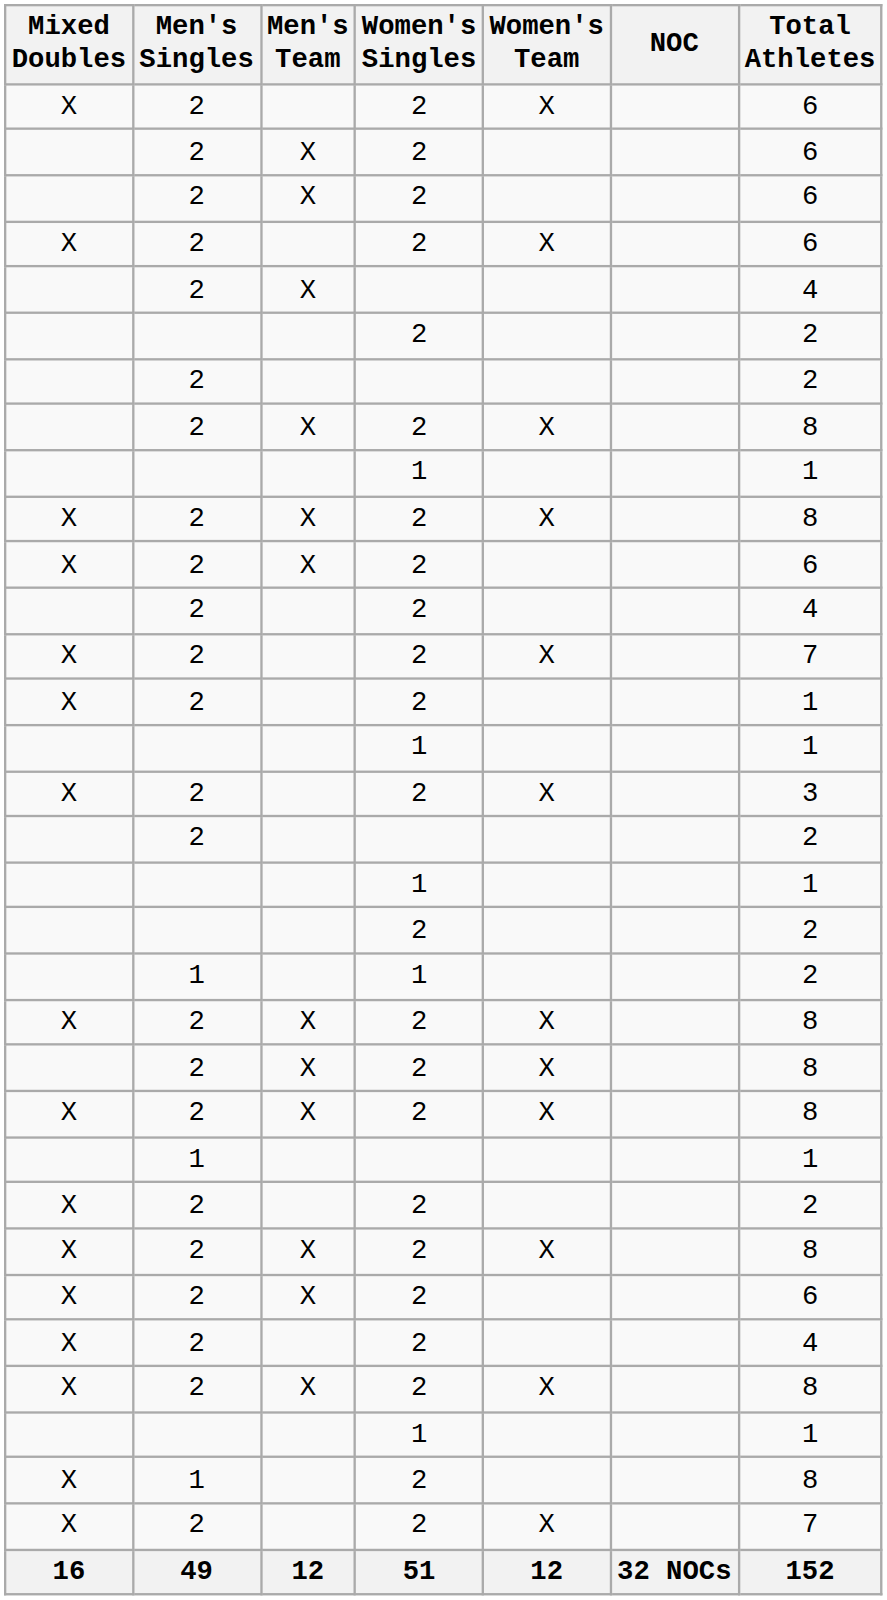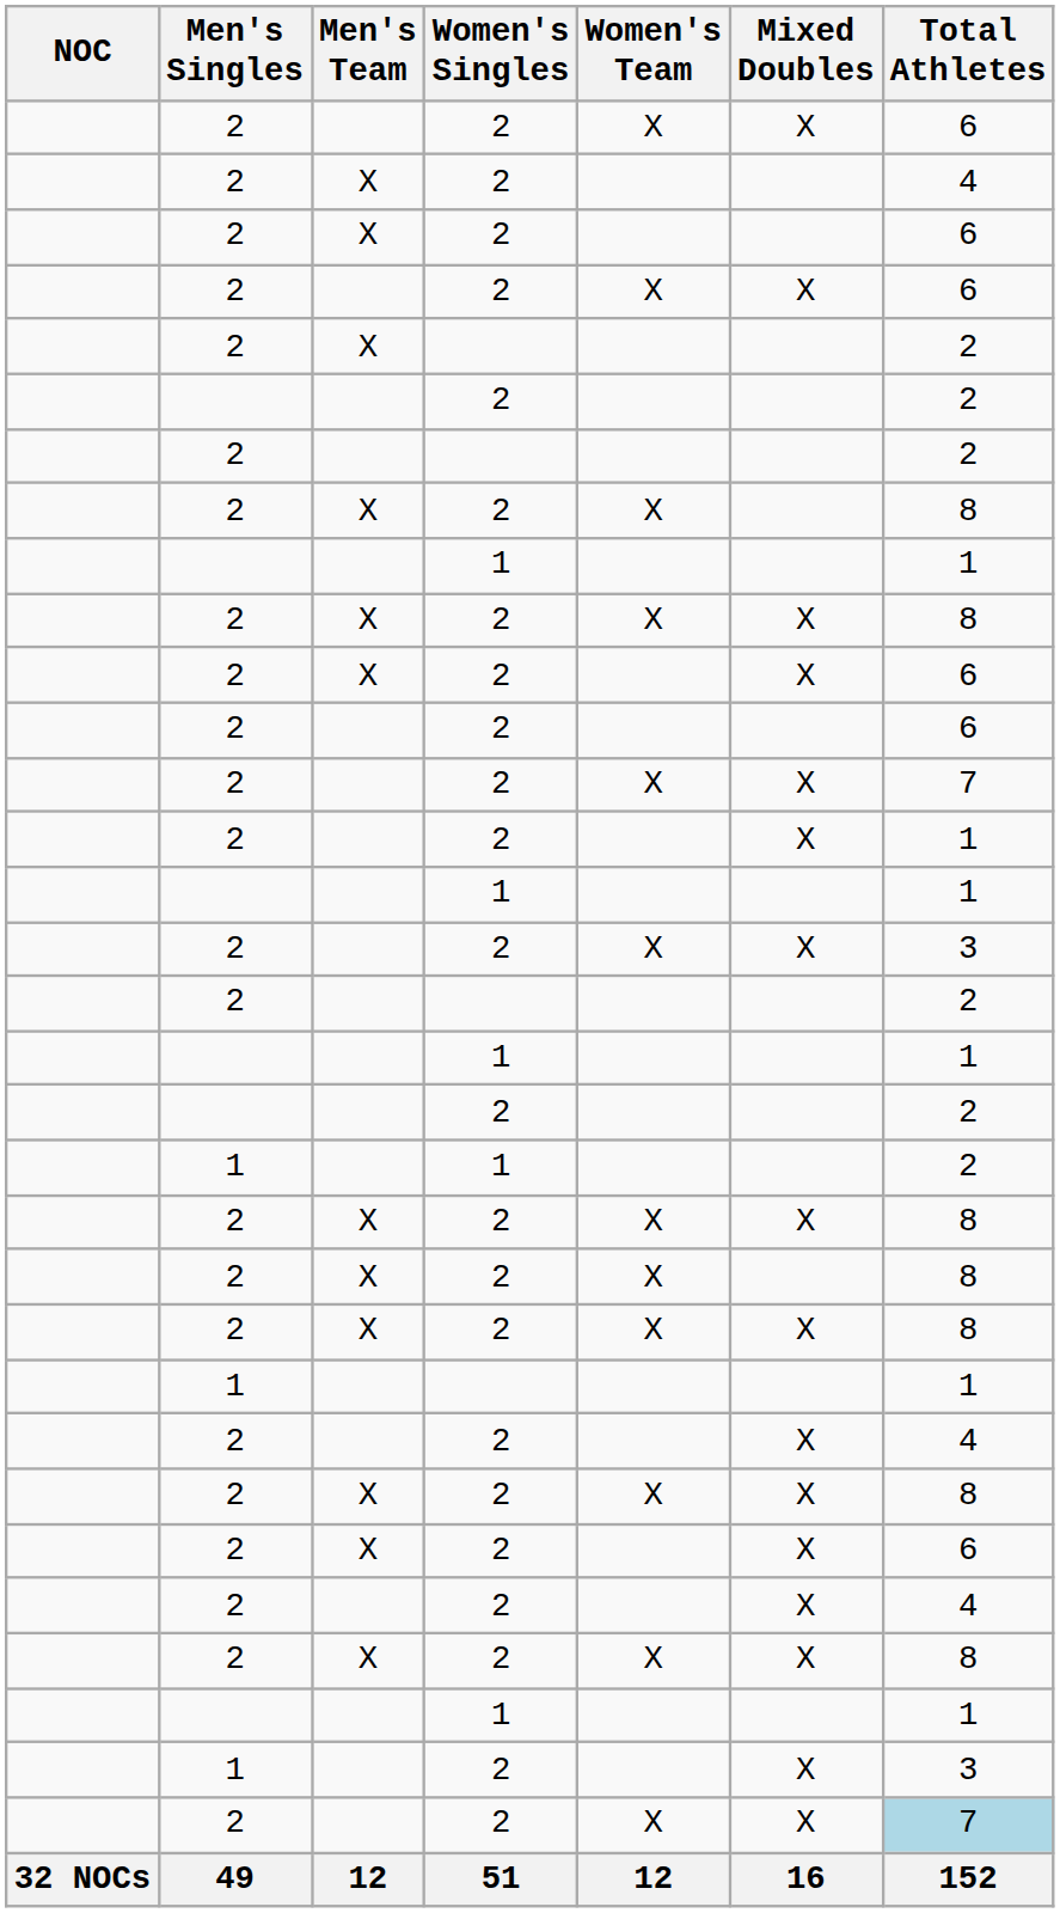 <table class="wikitable sortable" style="text-align:center; font-size:90%">
 <tr>
-<th>Mixed<br>Doubles</th>
+<th>NOC</th>
 <th>Men's<br>Singles</th>
 <th>Men's<br>Team</th>
 <th>Women's<br>Singles</th>
 <th>Women's<br>Team</th>
-<th>NOC</th>
+<th>Mixed<br>Doubles</th>
 <th>Total<br>Athletes</th>
 </tr>
 <tr>
-<td>X</td>
+<td align="left"></td>
 <td>2</td>
 <td></td>
 <td>2</td>
 <td>X</td>
-<td align="left"></td>
+<td>X</td>
 <td>6</td>
 </tr>
 <tr>
-<td></td>
+<td align="left"></td>
 <td>2</td>
 <td>X</td>
 <td>2</td>
 <td></td>
-<td align="left"></td>
-<td>6</td>
+<td></td>
+<td>4</td>
 </tr>
 <tr>
-<td></td>
+<td align="left"></td>
 <td>2</td>
 <td>X</td>
 <td>2</td>
 <td></td>
-<td align="left"></td>
+<td></td>
 <td>6</td>
 </tr>
 <tr>
-<td>X</td>
+<td align="left"></td>
 <td>2</td>
 <td></td>
 <td>2</td>
 <td>X</td>
-<td align="left"></td>
+<td>X</td>
 <td>6</td>
 </tr>
 <tr>
-<td></td>
+<td align="left"></td>
 <td>2</td>
 <td>X</td>
 <td></td>
 <td></td>
-<td align="left"></td>
-<td>4</td>
+<td></td>
+<td>2</td>
 </tr>
 <tr>
+<td align="left"></td>
+<td></td>
+<td></td>
+<td>2</td>
+<td></td>
+<td></td>
+<td>2</td>
+</tr>
+<tr>
+<td align="left"></td>
+<td>2</td>
+<td></td>
 <td></td>
 <td></td>
 <td></td>
 <td>2</td>
-<td></td>
+</tr>
+<tr>
 <td align="left"></td>
 <td>2</td>
+<td>X</td>
+<td>2</td>
+<td>X</td>
+<td></td>
+<td>8</td>
 </tr>
 <tr>
+<td align="left"></td>
+<td></td>
+<td></td>
+<td>1</td>
+<td></td>
+<td></td>
+<td>1</td>
+</tr>
+<tr>
+<td align="left"></td>
+<td>2</td>
+<td>X</td>
+<td>2</td>
+<td>X</td>
+<td>X</td>
+<td>8</td>
+</tr>
+<tr>
+<td align="left"></td>
+<td>2</td>
+<td>X</td>
+<td>2</td>
+<td></td>
+<td>X</td>
+<td>6</td>
+</tr>
+<tr>
+<td align="left"></td>
+<td>2</td>
 <td></td>
 <td>2</td>
 <td></td>
 <td></td>
+<td>6</td>
+</tr>
+<tr>
+<td align="left"></td>
+<td>2</td>
 <td></td>
+<td>2</td>
+<td>X</td>
+<td>X</td>
+<td>7</td>
+</tr>
+<tr>
 <td align="left"></td>
+<td>2</td>
+<td></td>
+<td>2</td>
+<td></td>
+<td>X</td>
+<td>1</td>
+</tr>
+<tr>
+<td align="left"></td>
+<td></td>
+<td></td>
+<td>1</td>
+<td></td>
+<td></td>
+<td>1</td>
+</tr>
+<tr>
+<td align="left"></td>
+<td>2</td>
+<td></td>
+<td>2</td>
+<td>X</td>
+<td>X</td>
+<td>3</td>
+</tr>
+<tr>
+<td align="left"></td>
+<td>2</td>
+<td></td>
+<td></td>
+<td></td>
+<td></td>
 <td>2</td>
 </tr>
 <tr>
+<td align="left"></td>
 <td></td>
+<td></td>
+<td>1</td>
+<td></td>
+<td></td>
+<td>1</td>
+</tr>
+<tr>
+<td align="left"></td>
+<td></td>
+<td></td>
+<td>2</td>
+<td></td>
+<td></td>
+<td>2</td>
+</tr>
+<tr>
+<td align="left"></td>
+<td>1</td>
+<td></td>
+<td>1</td>
+<td></td>
+<td></td>
+<td>2</td>
+</tr>
+<tr>
+<td align="left"></td>
 <td>2</td>
 <td>X</td>
 <td>2</td>
 <td>X</td>
-<td align="left"></td>
+<td>X</td>
 <td>8</td>
 </tr>
 <tr>
+<td align="left"></td>
+<td>2</td>
+<td>X</td>
+<td>2</td>
+<td>X</td>
+<td></td>
+<td>8</td>
+</tr>
+<tr>
+<td align="left"></td>
+<td>2</td>
+<td>X</td>
+<td>2</td>
+<td>X</td>
+<td>X</td>
+<td>8</td>
+</tr>
+<tr>
+<td align="left"></td>
+<td>1</td>
+<td></td>
 <td></td>
 <td></td>
 <td></td>
 <td>1</td>
-<td></td>
-<td align="left"></td>
-<td>1</td>
 </tr>
 <tr>
+<td align="left"></td>
+<td>2</td>
+<td></td>
+<td>2</td>
+<td></td>
 <td>X</td>
+<td>4</td>
+</tr>
+<tr>
+<td align="left"></td>
 <td>2</td>
 <td>X</td>
 <td>2</td>
 <td>X</td>
-<td align="left"></td>
+<td>X</td>
 <td>8</td>
 </tr>
 <tr>
-<td>X</td>
+<td align="left"></td>
 <td>2</td>
 <td>X</td>
 <td>2</td>
 <td></td>
-<td align="left"></td>
+<td>X</td>
 <td>6</td>
 </tr>
 <tr>
-<td></td>
+<td align="left"></td>
 <td>2</td>
 <td></td>
 <td>2</td>
 <td></td>
-<td align="left"></td>
+<td>X</td>
 <td>4</td>
 </tr>
 <tr>
+<td align="left"></td>
+<td>2</td>
 <td>X</td>
+<td>2</td>
+<td>X</td>
+<td>X</td>
+<td>8</td>
+</tr>
+<tr>
+<td align="left"></td>
+<td></td>
+<td></td>
+<td>1</td>
+<td></td>
+<td></td>
+<td>1</td>
+</tr>
+<tr>
+<td align="left"></td>
+<td>1</td>
+<td></td>
+<td>2</td>
+<td></td>
+<td>X</td>
+<td>3</td>
+</tr>
+<tr>
+<td align="left"></td>
 <td>2</td>
 <td></td>
 <td>2</td>
 <td>X</td>
-<td align="left"></td>
-<td>7</td>
+<td>X</td>
+<td style="background: lightblue;">7</td>
 </tr>
 <tr>
-<td>X</td>
-<td>2</td>
-<td></td>
-<td>2</td>
-<td></td>
-<td align="left"></td>
-<td>1</td>
-</tr>
-<tr>
-<td></td>
-<td></td>
-<td></td>
-<td>1</td>
-<td></td>
-<td align="left"></td>
-<td>1</td>
-</tr>
-<tr>
-<td>X</td>
-<td>2</td>
-<td></td>
-<td>2</td>
-<td>X</td>
-<td align="left"></td>
-<td>3</td>
-</tr>
-<tr>
-<td></td>
-<td>2</td>
-<td></td>
-<td></td>
-<td></td>
-<td align="left"></td>
-<td>2</td>
-</tr>
-<tr>
-<td></td>
-<td></td>
-<td></td>
-<td>1</td>
-<td></td>
-<td align="left"></td>
-<td>1</td>
-</tr>
-<tr>
-<td></td>
-<td></td>
-<td></td>
-<td>2</td>
-<td></td>
-<td align="left"></td>
-<td>2</td>
-</tr>
-<tr>
-<td></td>
-<td>1</td>
-<td></td>
-<td>1</td>
-<td></td>
-<td align="left"></td>
-<td>2</td>
-</tr>
-<tr>
-<td>X</td>
-<td>2</td>
-<td>X</td>
-<td>2</td>
-<td>X</td>
-<td align="left"></td>
-<td>8</td>
-</tr>
-<tr>
-<td></td>
-<td>2</td>
-<td>X</td>
-<td>2</td>
-<td>X</td>
-<td align="left"></td>
-<td>8</td>
-</tr>
-<tr>
-<td>X</td>
-<td>2</td>
-<td>X</td>
-<td>2</td>
-<td>X</td>
-<td align="left"></td>
-<td>8</td>
-</tr>
-<tr>
-<td></td>
-<td>1</td>
-<td></td>
-<td></td>
-<td></td>
-<td align="left"></td>
-<td>1</td>
-</tr>
-<tr>
-<td>X</td>
-<td>2</td>
-<td></td>
-<td>2</td>
-<td></td>
-<td align="left"></td>
-<td>2</td>
-</tr>
-<tr>
-<td>X</td>
-<td>2</td>
-<td>X</td>
-<td>2</td>
-<td>X</td>
-<td align="left"></td>
-<td>8</td>
-</tr>
-<tr>
-<td>X</td>
-<td>2</td>
-<td>X</td>
-<td>2</td>
-<td></td>
-<td align="left"></td>
-<td>6</td>
-</tr>
-<tr>
-<td>X</td>
-<td>2</td>
-<td></td>
-<td>2</td>
-<td></td>
-<td align="left"></td>
-<td>4</td>
-</tr>
-<tr>
-<td>X</td>
-<td>2</td>
-<td>X</td>
-<td>2</td>
-<td>X</td>
-<td align="left"></td>
-<td>8</td>
-</tr>
-<tr>
-<td></td>
-<td></td>
-<td></td>
-<td>1</td>
-<td></td>
-<td align="left"></td>
-<td>1</td>
-</tr>
-<tr>
-<td>X</td>
-<td>1</td>
-<td></td>
-<td>2</td>
-<td></td>
-<td align="left"></td>
-<td>8</td>
-</tr>
-<tr>
-<td>X</td>
-<td>2</td>
-<td></td>
-<td>2</td>
-<td>X</td>
-<td align="left"></td>
-<td>7</td>
-</tr>
-<tr>
-<th>16</th>
+<th>32 NOCs</th>
 <th>49</th>
 <th>12</th>
 <th>51</th>
 <th>12</th>
-<th>32 NOCs</th>
+<th>16</th>
 <th>152</th>
 </tr>
 </table>
